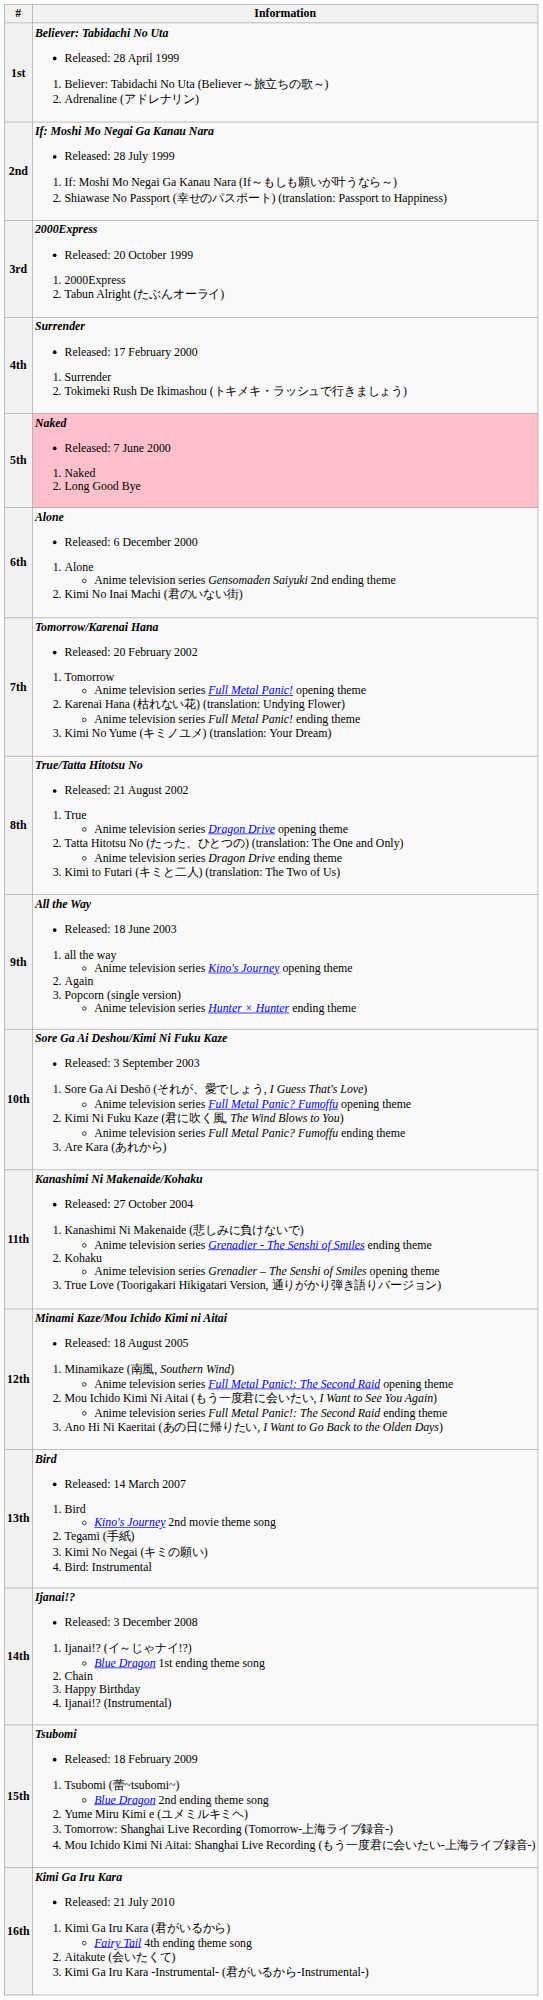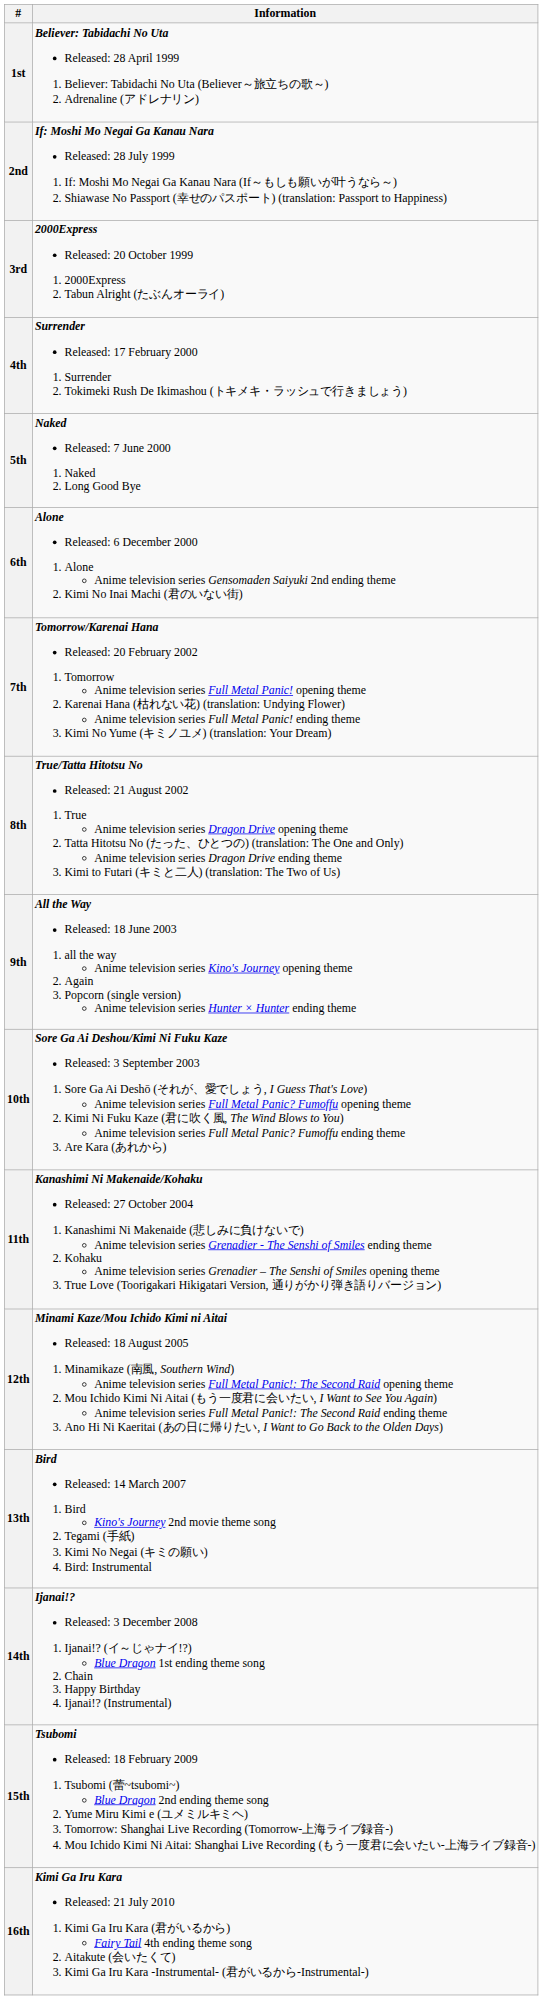 <table class="wikitable">
 <tr>
 <th>#</th>
 <th>Information</th>
 </tr>
 <tr>
 <th>1st</th>
 <td><strong><em>Believer: Tabidachi No Uta</em></strong><br><ul><li>Released: 28 April 1999</li></ul><ol><li>Believer: Tabidachi No Uta (Believer～旅立ちの歌～)</li><li>Adrenaline (アドレナリン)</li></ol></td>
 </tr>
 <tr>
 <th>2nd</th>
 <td><strong><em>If: Moshi Mo Negai Ga Kanau Nara</em></strong><br><ul><li>Released: 28 July 1999</li></ul><ol><li>If: Moshi Mo Negai Ga Kanau Nara (If～もしも願いが叶うなら～)</li><li>Shiawase No Passport (幸せのパスポート) (translation: Passport to Happiness)</li></ol></td>
 </tr>
 <tr>
 <th>3rd</th>
 <td><strong><em>2000Express</em></strong><br><ul><li>Released: 20 October 1999</li></ul><ol><li>2000Express</li><li>Tabun Alright (たぶんオーライ)</li></ol></td>
 </tr>
 <tr>
 <th>4th</th>
 <td><strong><em>Surrender</em></strong><br><ul><li>Released: 17 February 2000</li></ul><ol><li>Surrender</li><li>Tokimeki Rush De Ikimashou (トキメキ・ラッシュで行きましょう)</li></ol></td>
 </tr>
 <tr>
 <th>5th</th>
-<td style="background: pink;"><strong><em>Naked</em></strong><br><ul><li>Released: 7 June 2000</li></ul><ol><li>Naked</li><li>Long Good Bye</li></ol></td>
+<td><strong><em>Naked</em></strong><br><ul><li>Released: 7 June 2000</li></ul><ol><li>Naked</li><li>Long Good Bye</li></ol></td>
 </tr>
 <tr>
 <th>6th</th>
 <td><strong><em>Alone</em></strong><br><ul><li>Released: 6 December 2000</li></ul><ol><li>Alone<ul><li>Anime television series <em>Gensomaden Saiyuki</em> 2nd ending theme</li></ul></li><li>Kimi No Inai Machi (君のいない街)</li></ol></td>
 </tr>
 <tr>
 <th>7th</th>
 <td><strong><em>Tomorrow/Karenai Hana</em></strong><br><ul><li>Released: 20 February 2002</li></ul><ol><li>Tomorrow<ul><li>Anime television series <em><a href='#'>Full Metal Panic!</a></em> opening theme</li></ul></li><li>Karenai Hana (枯れない花) (translation: Undying Flower)<ul><li>Anime television series <em>Full Metal Panic!</em> ending theme</li></ul></li><li>Kimi No Yume (キミノユメ) (translation: Your Dream)</li></ol></td>
 </tr>
 <tr>
 <th>8th</th>
 <td><strong><em>True/Tatta Hitotsu No</em></strong><br><ul><li>Released: 21 August 2002</li></ul><ol><li>True<ul><li>Anime television series <em><a href='#'>Dragon Drive</a></em> opening theme</li></ul></li><li>Tatta Hitotsu No (たった、ひとつの) (translation: The One and Only)<ul><li>Anime television series <em>Dragon Drive</em> ending theme</li></ul></li><li>Kimi to Futari (キミと二人) (translation: The Two of Us)</li></ol></td>
 </tr>
 <tr>
 <th>9th</th>
 <td><strong><em>All the Way</em></strong><br><ul><li>Released: 18 June 2003</li></ul><ol><li>all the way<ul><li>Anime television series <em><a href='#'>Kino's Journey</a></em> opening theme</li></ul></li><li>Again</li><li>Popcorn (single version)<ul><li>Anime television series <em><a href='#'>Hunter × Hunter</a></em> ending theme</li></ul></li></ol></td>
 </tr>
 <tr>
 <th>10th</th>
 <td><strong><em>Sore Ga Ai Deshou/Kimi Ni Fuku Kaze</em></strong><br><ul><li>Released: 3 September 2003</li></ul><ol><li>Sore Ga Ai Deshō (それが、愛でしょう, <em>I Guess That's Love</em>)<ul><li>Anime television series <em><a href='#'>Full Metal Panic? Fumoffu</a></em> opening theme</li></ul></li><li>Kimi Ni Fuku Kaze (君に吹く風, <em>The Wind Blows to You</em>)<ul><li>Anime television series <em>Full Metal Panic? Fumoffu</em> ending theme</li></ul></li><li>Are Kara (あれから)</li></ol></td>
 </tr>
 <tr>
 <th>11th</th>
 <td><strong><em>Kanashimi Ni Makenaide/Kohaku</em></strong><br><ul><li>Released: 27 October 2004</li></ul><ol><li>Kanashimi Ni Makenaide (悲しみに負けないで)<ul><li>Anime television series <em><a href='#'>Grenadier - The Senshi of Smiles</a></em> ending theme</li></ul></li><li>Kohaku<ul><li>Anime television series <em>Grenadier – The Senshi of Smiles</em> opening theme</li></ul></li><li>True Love (Toorigakari Hikigatari Version, 通りがかり弾き語りバージョン)</li></ol></td>
 </tr>
 <tr>
 <th>12th</th>
 <td><strong><em>Minami Kaze/Mou Ichido Kimi ni Aitai</em></strong><br><ul><li>Released: 18 August 2005</li></ul><ol><li>Minamikaze (南風, <em>Southern Wind</em>)<ul><li>Anime television series <em><a href='#'>Full Metal Panic!: The Second Raid</a></em> opening theme</li></ul></li><li>Mou Ichido Kimi Ni Aitai (もう一度君に会いたい, <em>I Want to See You Again</em>)<ul><li>Anime television series <em>Full Metal Panic!: The Second Raid</em> ending theme</li></ul></li><li>Ano Hi Ni Kaeritai (あの日に帰りたい, <em>I Want to Go Back to the Olden Days</em>)</li></ol></td>
 </tr>
 <tr>
 <th>13th</th>
 <td><strong><em>Bird</em></strong><br><ul><li>Released: 14 March 2007</li></ul><ol><li>Bird<ul><li><em><a href='#'>Kino's Journey</a></em> 2nd movie theme song</li></ul></li><li>Tegami (手紙)</li><li>Kimi No Negai (キミの願い)</li><li>Bird: Instrumental</li></ol></td>
 </tr>
 <tr>
 <th>14th</th>
 <td><strong><em>Ijanai!?</em></strong><br><ul><li>Released: 3 December 2008</li></ul><ol><li>Ijanai!? (イ～じゃナイ!?)<ul><li><em><a href='#'>Blue Dragon</a></em> 1st ending theme song</li></ul></li><li>Chain</li><li>Happy Birthday</li><li>Ijanai!? (Instrumental)</li></ol></td>
 </tr>
 <tr>
 <th>15th</th>
 <td><strong><em>Tsubomi</em></strong><br><ul><li>Released: 18 February 2009</li></ul><ol><li>Tsubomi (蕾~tsubomi~)<ul><li><em><a href='#'>Blue Dragon</a></em> 2nd ending theme song</li></ul></li><li>Yume Miru Kimi e (ユメミルキミヘ)</li><li>Tomorrow: Shanghai Live Recording (Tomorrow-上海ライブ録音-)</li><li>Mou Ichido Kimi Ni Aitai: Shanghai Live Recording (もう一度君に会いたい-上海ライブ録音-)</li></ol></td>
 </tr>
 <tr>
 <th>16th</th>
 <td><strong><em>Kimi Ga Iru Kara</em></strong><br><ul><li>Released: 21 July 2010</li></ul><ol><li>Kimi Ga Iru Kara (君がいるから)<ul><li><em><a href='#'>Fairy Tail</a></em> 4th ending theme song</li></ul></li><li>Aitakute (会いたくて)</li><li>Kimi Ga Iru Kara -Instrumental- (君がいるから-Instrumental-)</li></ol></td>
 </tr>
 </table>
